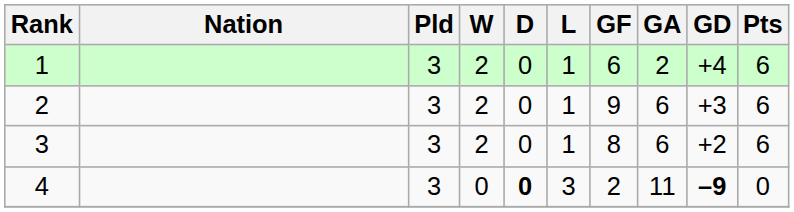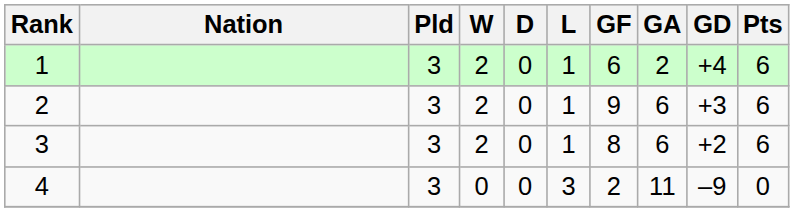 <table class="wikitable" style="text-align: center;">
 <tr>
 <th width=5>Rank</th>
 <th width=200>Nation</th>
 <th width=20>Pld</th>
 <th width=20>W</th>
 <th width=20>D</th>
 <th width=20>L</th>
 <th width=20>GF</th>
 <th width=20>GA</th>
 <th width=20>GD</th>
 <th width=20>Pts</th>
 </tr>
 <tr style="background:#ccffcc">
 <td>1</td>
 <td style="text-align:left"></td>
 <td>3</td>
 <td>2</td>
 <td>0</td>
 <td>1</td>
 <td>6</td>
 <td>2</td>
 <td>+4</td>
 <td>6</td>
 </tr>
 <tr>
 <td>2</td>
 <td style="text-align:left"></td>
 <td>3</td>
 <td>2</td>
 <td>0</td>
 <td>1</td>
 <td>9</td>
 <td>6</td>
 <td>+3</td>
 <td>6</td>
 </tr>
 <tr>
 <td>3</td>
 <td style="text-align:left"></td>
 <td>3</td>
 <td>2</td>
 <td>0</td>
 <td>1</td>
 <td>8</td>
 <td>6</td>
 <td>+2</td>
 <td>6</td>
 </tr>
 <tr>
 <td>4</td>
 <td style="text-align:left"></td>
 <td>3</td>
 <td>0</td>
-<td><strong>0</strong></td>
+<td>0</td>
 <td>3</td>
 <td>2</td>
 <td>11</td>
-<td><strong>–9</strong></td>
+<td>–9</td>
 <td>0</td>
 </tr>
 <tr>
 </tr>
 </table>
